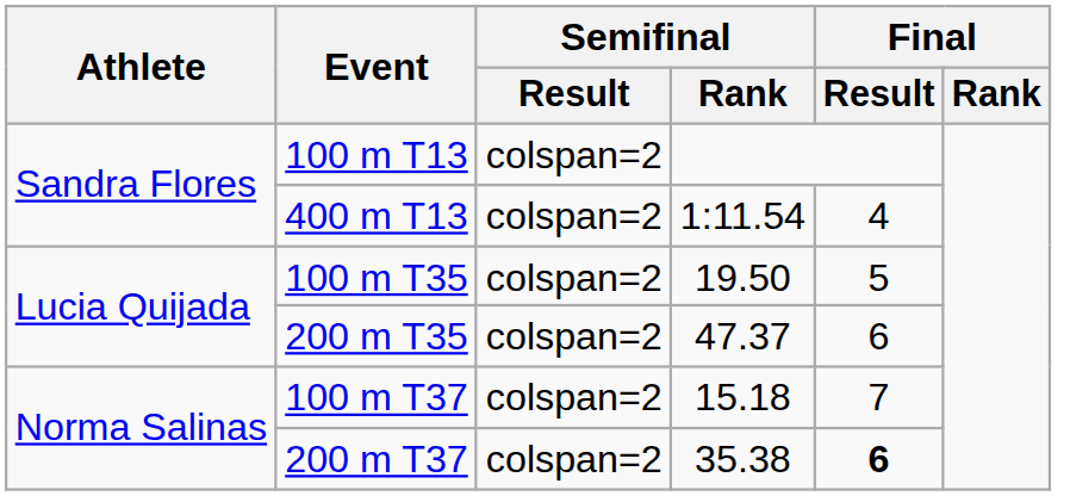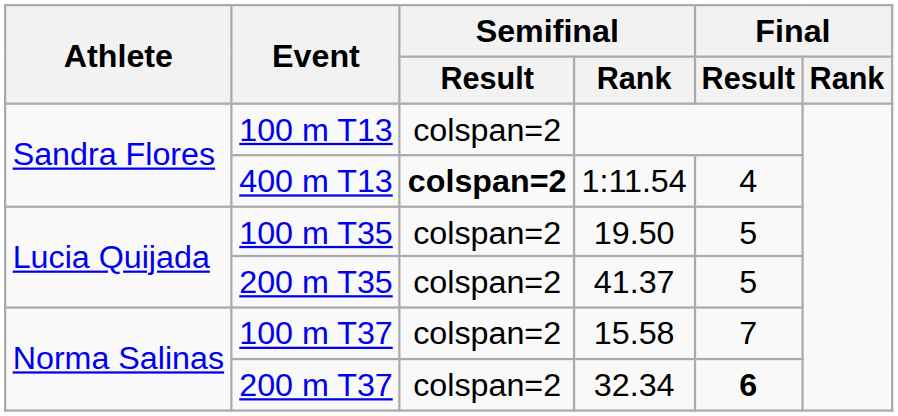 <table class="wikitable" style="font-size:90%">
 <tr>
 <th rowspan="2">Athlete</th>
 <th rowspan="2">Event</th>
 <th colspan="2">Semifinal</th>
 <th colspan="2">Final</th>
 </tr>
 <tr style="font-size:95%">
 <th>Result</th>
 <th>Rank</th>
 <th>Result</th>
 <th>Rank</th>
 </tr>
 <tr align=center>
 <td align=left rowspan=2><a href='#'>Sandra Flores</a></td>
 <td align=left><a href='#'>100 m T13</a></td>
 <td>colspan=2 </td>
 <td colspan=2></td>
 </tr>
 <tr align=center>
 <td align=left><a href='#'>400 m T13</a></td>
-<td>colspan=2 </td>
+<td><strong>colspan=2 </strong></td>
 <td>1:11.54</td>
 <td>4</td>
 </tr>
 <tr align=center>
 <td align=left rowspan=2><a href='#'>Lucia Quijada</a></td>
 <td align=left><a href='#'>100 m T35</a></td>
 <td>colspan=2 </td>
 <td>19.50</td>
 <td>5</td>
 </tr>
 <tr align=center>
 <td align=left><a href='#'>200 m T35</a></td>
 <td>colspan=2 </td>
-<td>47.37</td>
-<td>6</td>
+<td>41.37</td>
+<td>5</td>
 </tr>
 <tr align=center>
 <td align=left rowspan=2><a href='#'>Norma Salinas</a></td>
 <td align=left><a href='#'>100 m T37</a></td>
 <td>colspan=2 </td>
-<td>15.18</td>
+<td>15.58</td>
 <td>7</td>
 </tr>
 <tr align=center>
 <td align=left><a href='#'>200 m T37</a></td>
 <td>colspan=2 </td>
-<td>35.38</td>
+<td>32.34</td>
 <td><strong>6</strong></td>
 </tr>
 </table>
